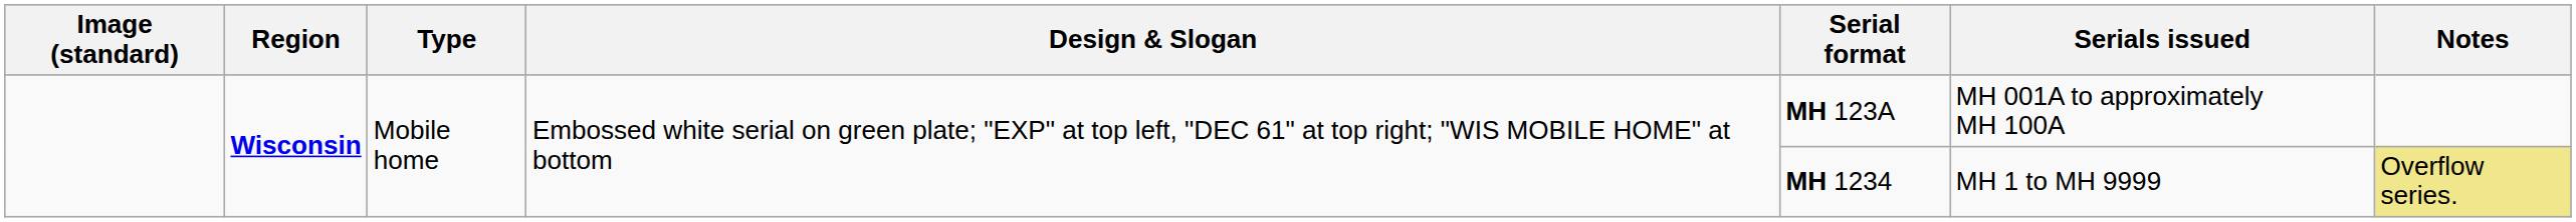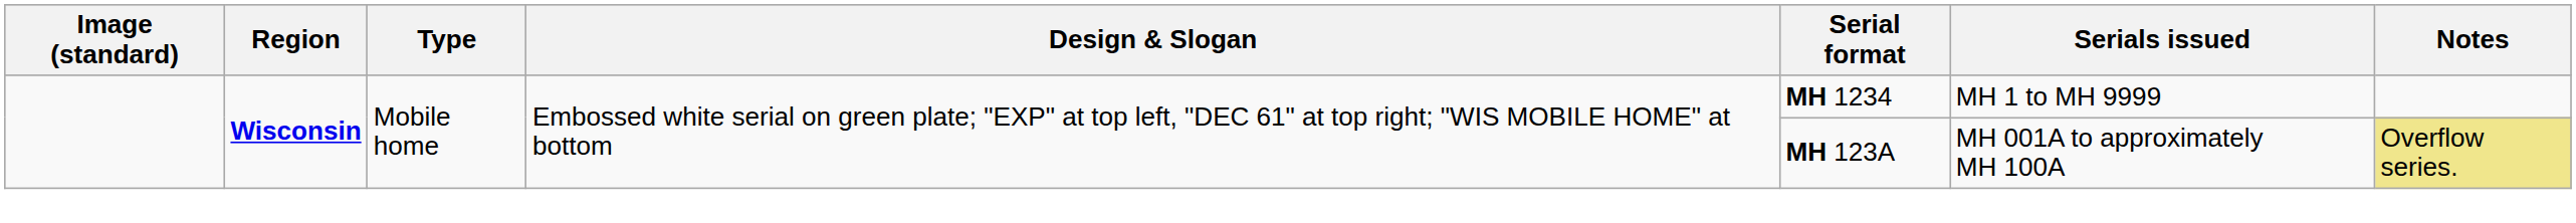 <table class="wikitable">
 <tr>
 <th>Image (standard)</th>
 <th>Region</th>
 <th>Type</th>
 <th>Design & Slogan</th>
 <th>Serial format</th>
 <th>Serials issued</th>
 <th>Notes</th>
 </tr>
 <tr>
 <td rowspan="2"></td>
 <td rowspan="2"><a href='#'><strong>Wisconsin</strong></a></td>
 <td rowspan="2">Mobile home</td>
 <td rowspan="2">Embossed white serial on green plate; "EXP" at top left, "DEC 61" at top right; "WIS MOBILE HOME" at bottom</td>
-<td><strong>MH</strong> 123A</td>
-<td>MH 001A to approximately MH 100A</td>
+<td><strong>MH</strong> 1234</td>
+<td>MH 1 to MH 9999</td>
 <td></td>
 </tr>
 <tr>
-<td><strong>MH</strong> 1234</td>
-<td>MH 1 to MH 9999</td>
+<td><strong>MH</strong> 123A</td>
+<td>MH 001A to approximately MH 100A</td>
 <td style="background: khaki;">Overflow series.</td>
 </tr>
 </table>
